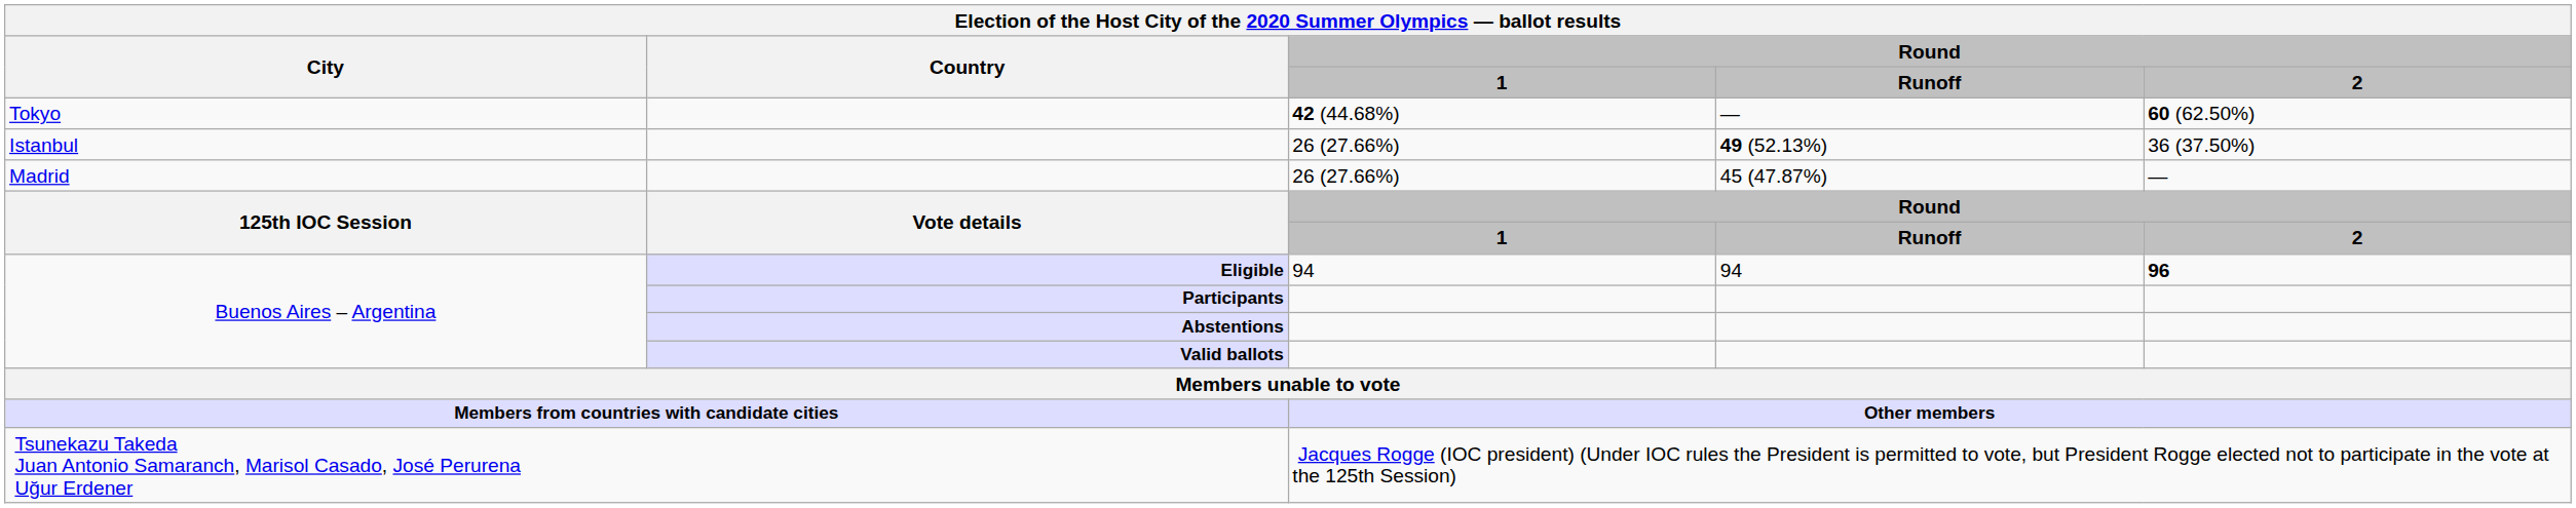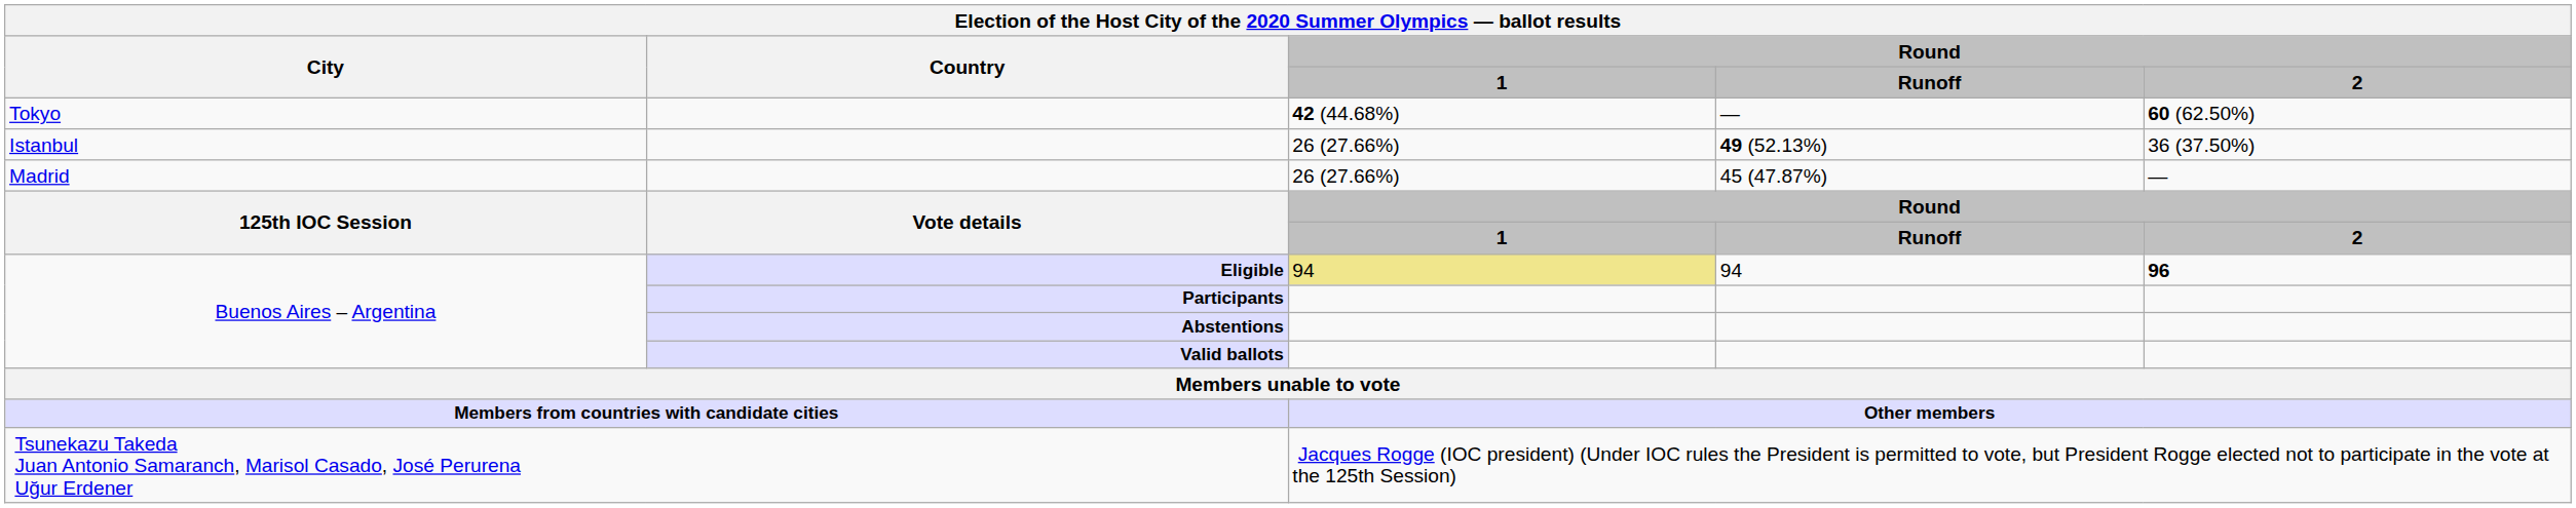 <table class="wikitable" style="margin:0.2em auto; align: center; font-size: 95%">
 <tr>
 <th colspan="5">Election of the Host City of the <a href='#'>2020 Summer Olympics</a> — ballot results</th>
 </tr>
 <tr>
 <th rowspan=2>City</th>
 <th rowspan=2>Country</th>
 <th colspan=3 style="background:silver;">Round</th>
 </tr>
 <tr>
 <th style="background:silver;">1</th>
 <th style="background:silver;">Runoff</th>
 <th style="background:silver;">2</th>
 </tr>
 <tr>
 <td style="text-align: left"><a href='#'>Tokyo</a></td>
 <td style="text-align: left"></td>
 <td><strong>42</strong> (44.68%)</td>
 <td>—</td>
 <td><strong>60</strong> (62.50%)</td>
 </tr>
 <tr>
 <td style="text-align: left"><a href='#'>Istanbul</a></td>
 <td style="text-align: left"></td>
 <td>26 (27.66%)</td>
 <td><strong>49</strong> (52.13%)</td>
 <td>36 (37.50%)</td>
 </tr>
 <tr>
 <td style="text-align: left"><a href='#'>Madrid</a></td>
 <td style="text-align: left"></td>
 <td>26 (27.66%)</td>
 <td>45 (47.87%)</td>
 <td>—</td>
 </tr>
 <tr>
 <th rowspan=2 style="width: 25%">125th IOC Session</th>
 <th rowspan=2 style="width: 25%">Vote details</th>
 <th colspan=3 style="background:silver;">Round</th>
 </tr>
 <tr>
 <th style="background:silver;">1</th>
 <th style="background:silver;">Runoff</th>
 <th style="background:silver;">2</th>
 </tr>
 <tr>
 <td rowspan="4" style="text-align: center; center; background-color: #f9f9f9"><a href='#'>Buenos Aires</a> – <a href='#'>Argentina</a></td>
 <th style="text-align: right; background-color: #ddddff; font-size: 90%">Eligible</th>
-<td>94</td>
+<td style="background: khaki;">94</td>
 <td>94</td>
 <td><strong>96</strong></td>
 </tr>
 <tr>
 <th style="text-align: right; background-color: #ddddff; font-size: 90%">Participants</th>
 <td></td>
 <td></td>
 <td></td>
 </tr>
 <tr>
 <th style="text-align: right; background-color: #ddddff; font-size: 90%">Abstentions</th>
 <td></td>
 <td></td>
 <td></td>
 </tr>
 <tr>
 <th style="text-align: right; background-color: #ddddff; font-size: 90%">Valid ballots</th>
 <td></td>
 <td></td>
 <td></td>
 </tr>
 <tr>
 <th colspan="5">Members unable to vote</th>
 </tr>
 <tr>
 <th colspan="2" style="background-color: #ddddff; font-size: 90%">Members from countries with candidate cities</th>
 <th colspan="3" style="background-color: #ddddff; font-size: 90%">Other members</th>
 </tr>
 <tr>
 <td style="text-align: left" colspan="2"> <a href='#'>Tsunekazu Takeda</a><br> <a href='#'>Juan Antonio Samaranch</a>, <a href='#'>Marisol Casado</a>, <a href='#'>José Perurena</a><br> <a href='#'>Uğur Erdener</a></td>
 <td style="text-align: left" colspan="3"> <a href='#'>Jacques Rogge</a> (IOC president) (Under IOC rules the President is permitted to vote, but President Rogge elected not to participate in the vote at the 125th Session)</td>
 </tr>
 </table>
